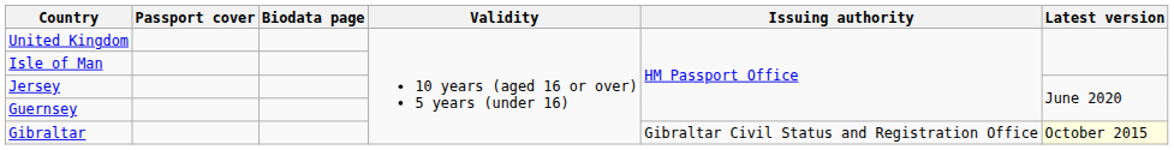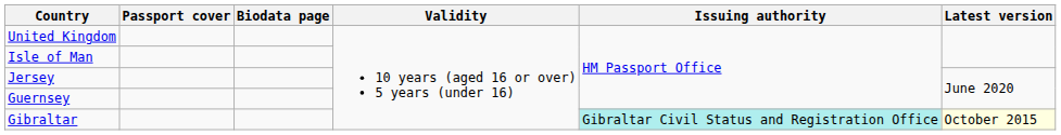 <table class="wikitable sortable">
 <tr>
 <th>Country</th>
 <th class="unsortable">Passport cover</th>
 <th class="unsortable">Biodata page</th>
 <th data-sort-type="number">Validity</th>
 <th class="unsortable">Issuing authority</th>
 <th data-sort-type="date">Latest version</th>
 </tr>
 <tr>
 <td> <a href='#'>United Kingdom</a></td>
 <td></td>
 <td></td>
 <td rowspan="5" data-sort-value="10"><br><ul><li>10 years (aged 16 or over)</li><li>5 years (under 16)</li></ul></td>
 <td rowspan="4"><a href='#'>HM Passport Office</a></td>
 <td rowspan="2"></td>
 </tr>
 <tr>
 <td> <a href='#'>Isle of Man</a></td>
 <td></td>
 <td></td>
 </tr>
 <tr>
 <td> <a href='#'>Jersey</a></td>
 <td></td>
 <td></td>
 <td rowspan="2">June 2020</td>
 </tr>
 <tr>
 <td> <a href='#'>Guernsey</a></td>
 <td></td>
 <td></td>
 </tr>
 <tr>
 <td><a href='#'>Gibraltar</a></td>
 <td></td>
 <td></td>
-<td>Gibraltar Civil Status and Registration Office</td>
+<td style="background: paleturquoise;">Gibraltar Civil Status and Registration Office</td>
 <td style="background: lightyellow;">October 2015</td>
 </tr>
 </table>
